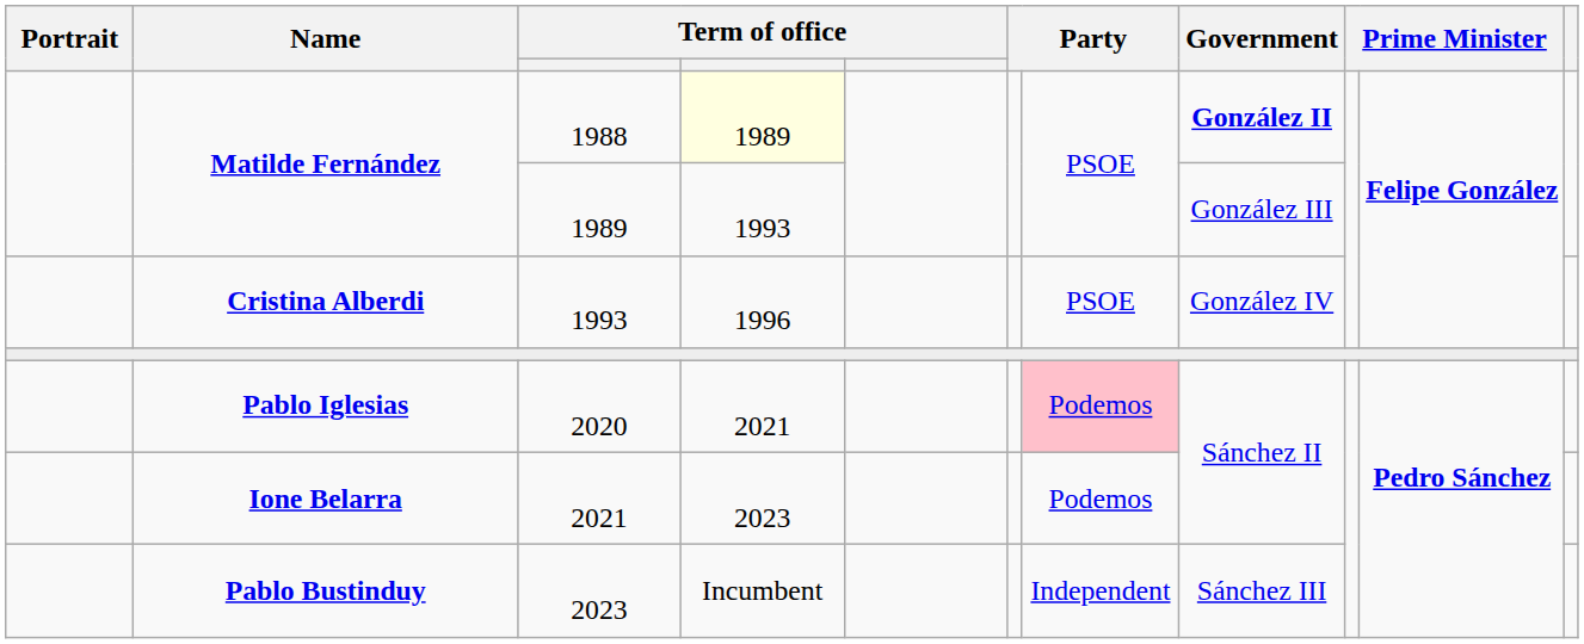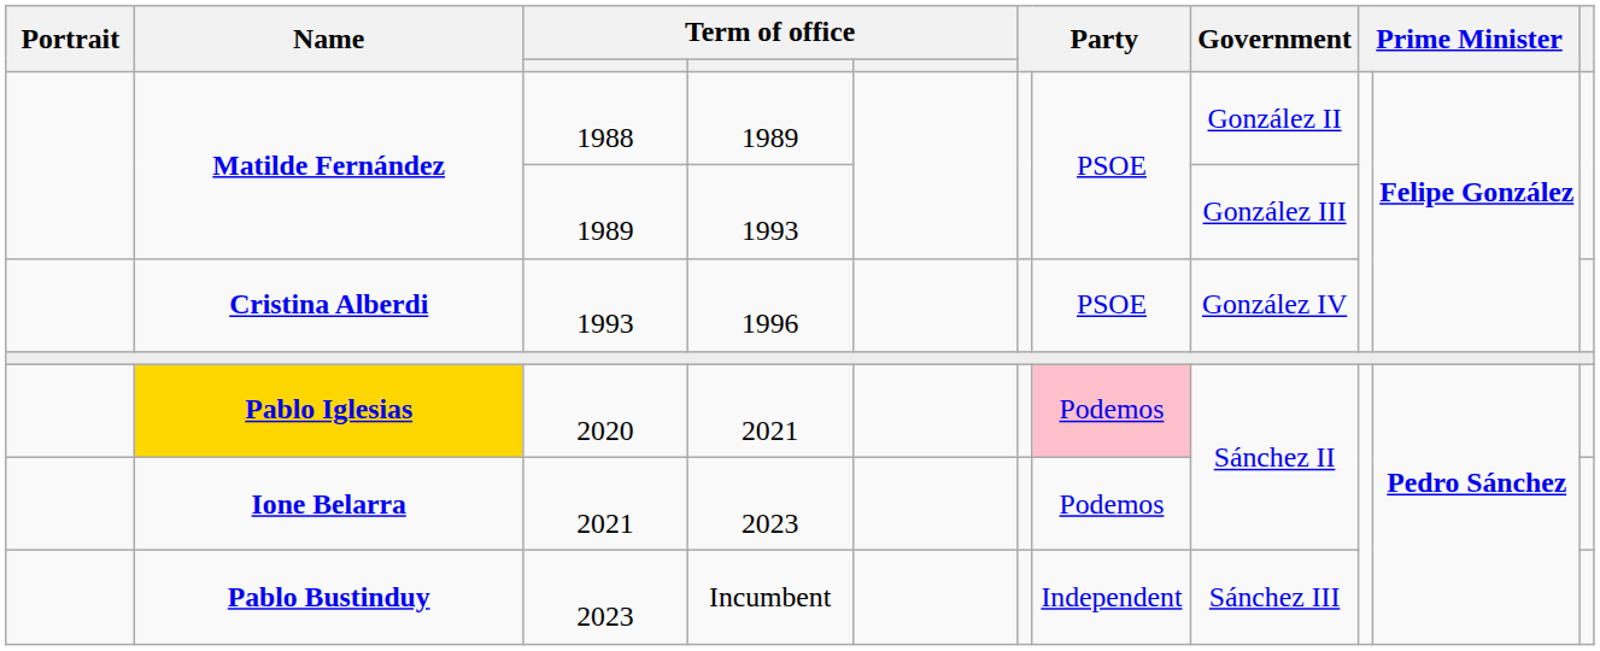 <table class="wikitable" style="line-height:1.4em; text-align:center; border:1px #aaf solid;">
 <tr>
 <th rowspan="2" width="65">Portrait</th>
 <th rowspan="2" width="210">Name<br></th>
 <th colspan="3">Term of office</th>
 <th rowspan="2" colspan="2" width="90">Party</th>
 <th rowspan="2">Government</th>
 <th rowspan="2" colspan="2"><a href='#'>Prime Minister</a><br></th>
 <th rowspan="2"></th>
 </tr>
 <tr>
 <th width="85"></th>
 <th width="85"></th>
 <th width="85"></th>
 </tr>
 <tr>
 <td rowspan="2"></td>
 <td rowspan="2"><strong><a href='#'>Matilde Fernández</a></strong><br></td>
 <td class="nowrap"><br>1988</td>
-<td class="nowrap" style="background: lightyellow;"><br>1989</td>
+<td class="nowrap"><br>1989</td>
 <td rowspan="2" style="font-size:95%;"></td>
 <td rowspan="2" width="1" style="color:inherit;background:"></td>
 <td rowspan="2"><a href='#'>PSOE</a></td>
-<td><strong><a href='#'>González II</a></strong></td>
+<td><a href='#'>González II</a></td>
 <td rowspan="3" width="1" style="color:inherit;background:"></td>
 <td rowspan="3"><strong><a href='#'>Felipe González</a></strong><br><br></td>
 <td rowspan="2" align="center"><br><br></td>
 </tr>
 <tr>
 <td class="nowrap"><br>1989</td>
 <td class="nowrap"><br>1993</td>
 <td><a href='#'>González III</a></td>
 </tr>
 <tr>
 <td></td>
 <td><strong><a href='#'>Cristina Alberdi</a></strong><br></td>
 <td class="nowrap"><br>1993</td>
 <td class="nowrap"><br>1996</td>
 <td style="font-size:95%;"></td>
 <td style="color:inherit;background:"></td>
 <td><a href='#'>PSOE</a></td>
 <td><a href='#'>González IV</a></td>
 <td align="center"><br></td>
 </tr>
 <tr>
 <td colspan="11" style="background:#EEEEEE;"></td>
 </tr>
 <tr>
 <td></td>
-<td><strong><a href='#'>Pablo Iglesias</a></strong><br></td>
+<td style="background: gold;"><strong><a href='#'>Pablo Iglesias</a></strong><br></td>
 <td class="nowrap"><br>2020</td>
 <td class="nowrap"><br>2021</td>
 <td style="font-size:95%;"></td>
 <td style="color:inherit;background:"></td>
 <td style="background: pink;"><a href='#'>Podemos</a></td>
 <td rowspan="2"><a href='#'>Sánchez II</a></td>
 <td rowspan="3" style="color:inherit;background:"></td>
 <td rowspan="3"><strong><a href='#'>Pedro Sánchez</a></strong><br><br></td>
 <td align="center"><br></td>
 </tr>
 <tr>
 <td></td>
 <td><strong><a href='#'>Ione Belarra</a></strong><br></td>
 <td class="nowrap"><br>2021</td>
 <td class="nowrap"><br>2023</td>
 <td style="font-size:95%;"></td>
 <td style="color:inherit;background:"></td>
 <td><a href='#'>Podemos</a></td>
 <td align="center"><br></td>
 </tr>
 <tr>
 <td></td>
 <td><strong><a href='#'>Pablo Bustinduy</a></strong><br></td>
 <td class="nowrap"><br>2023</td>
 <td class="nowrap">Incumbent</td>
 <td style="font-size:95%;"></td>
 <td style="color:inherit;background:"></td>
 <td><a href='#'>Independent</a></td>
 <td><a href='#'>Sánchez III</a></td>
 <td align="center"></td>
 </tr>
 </table>
